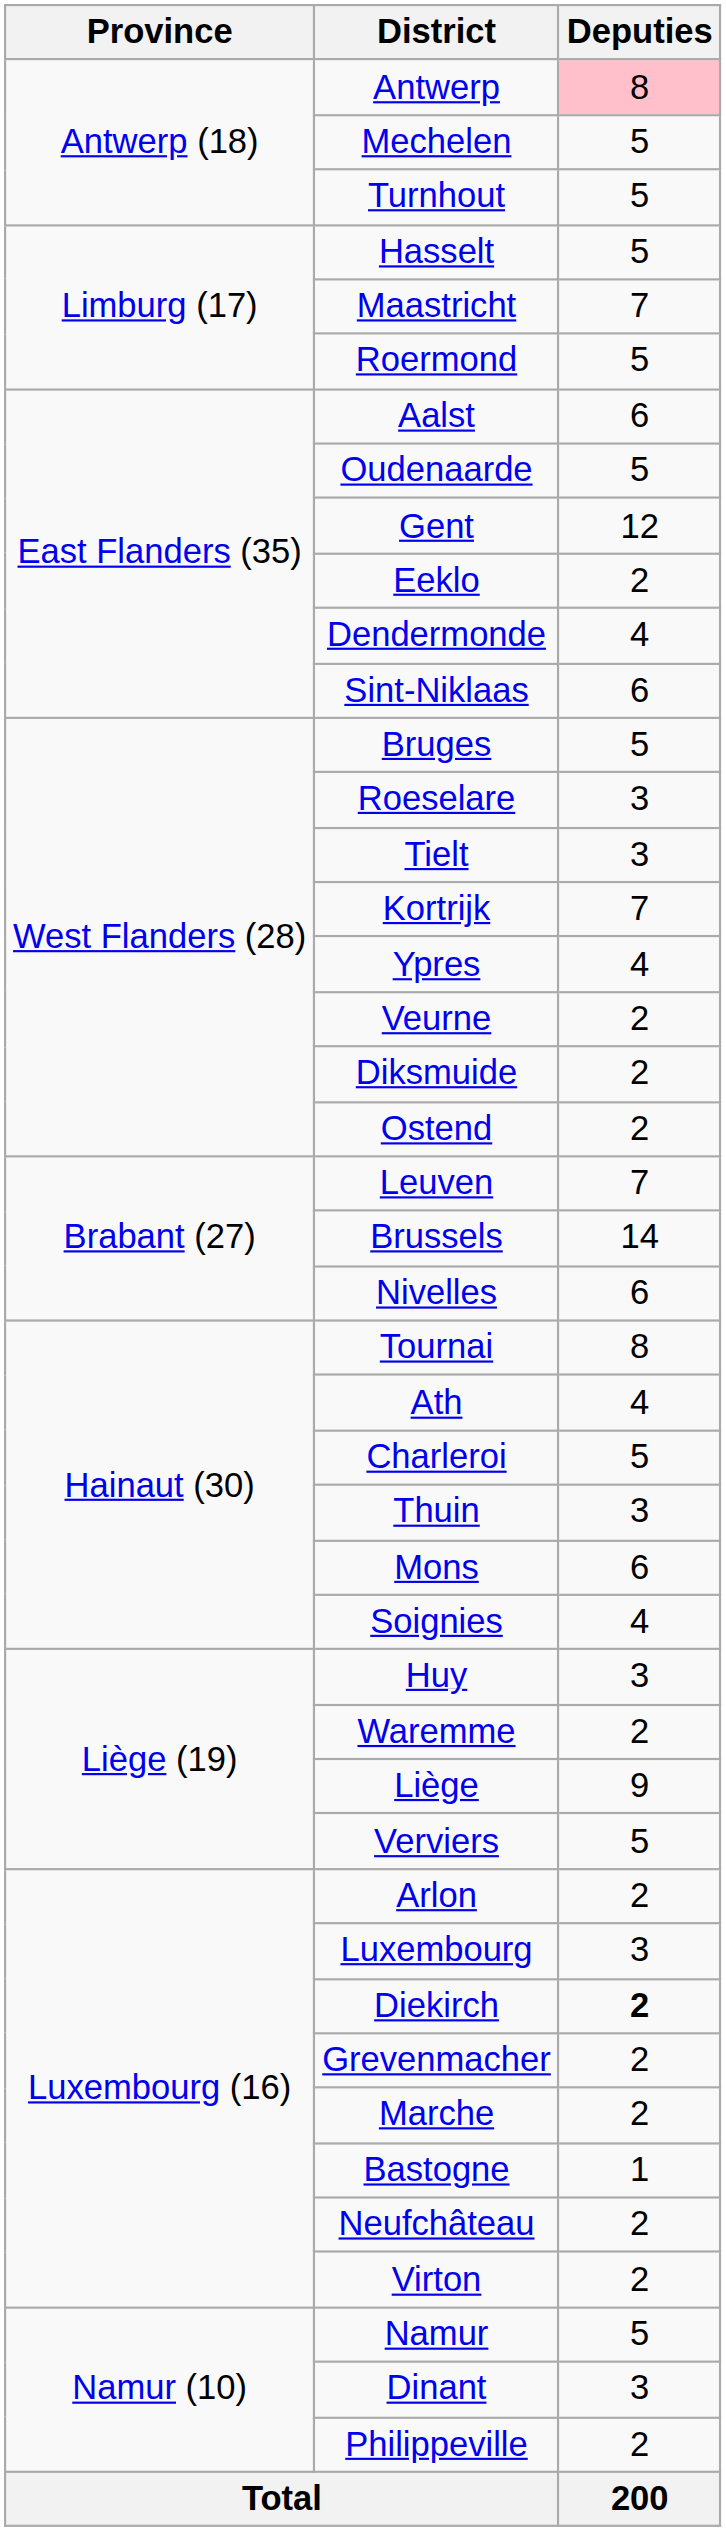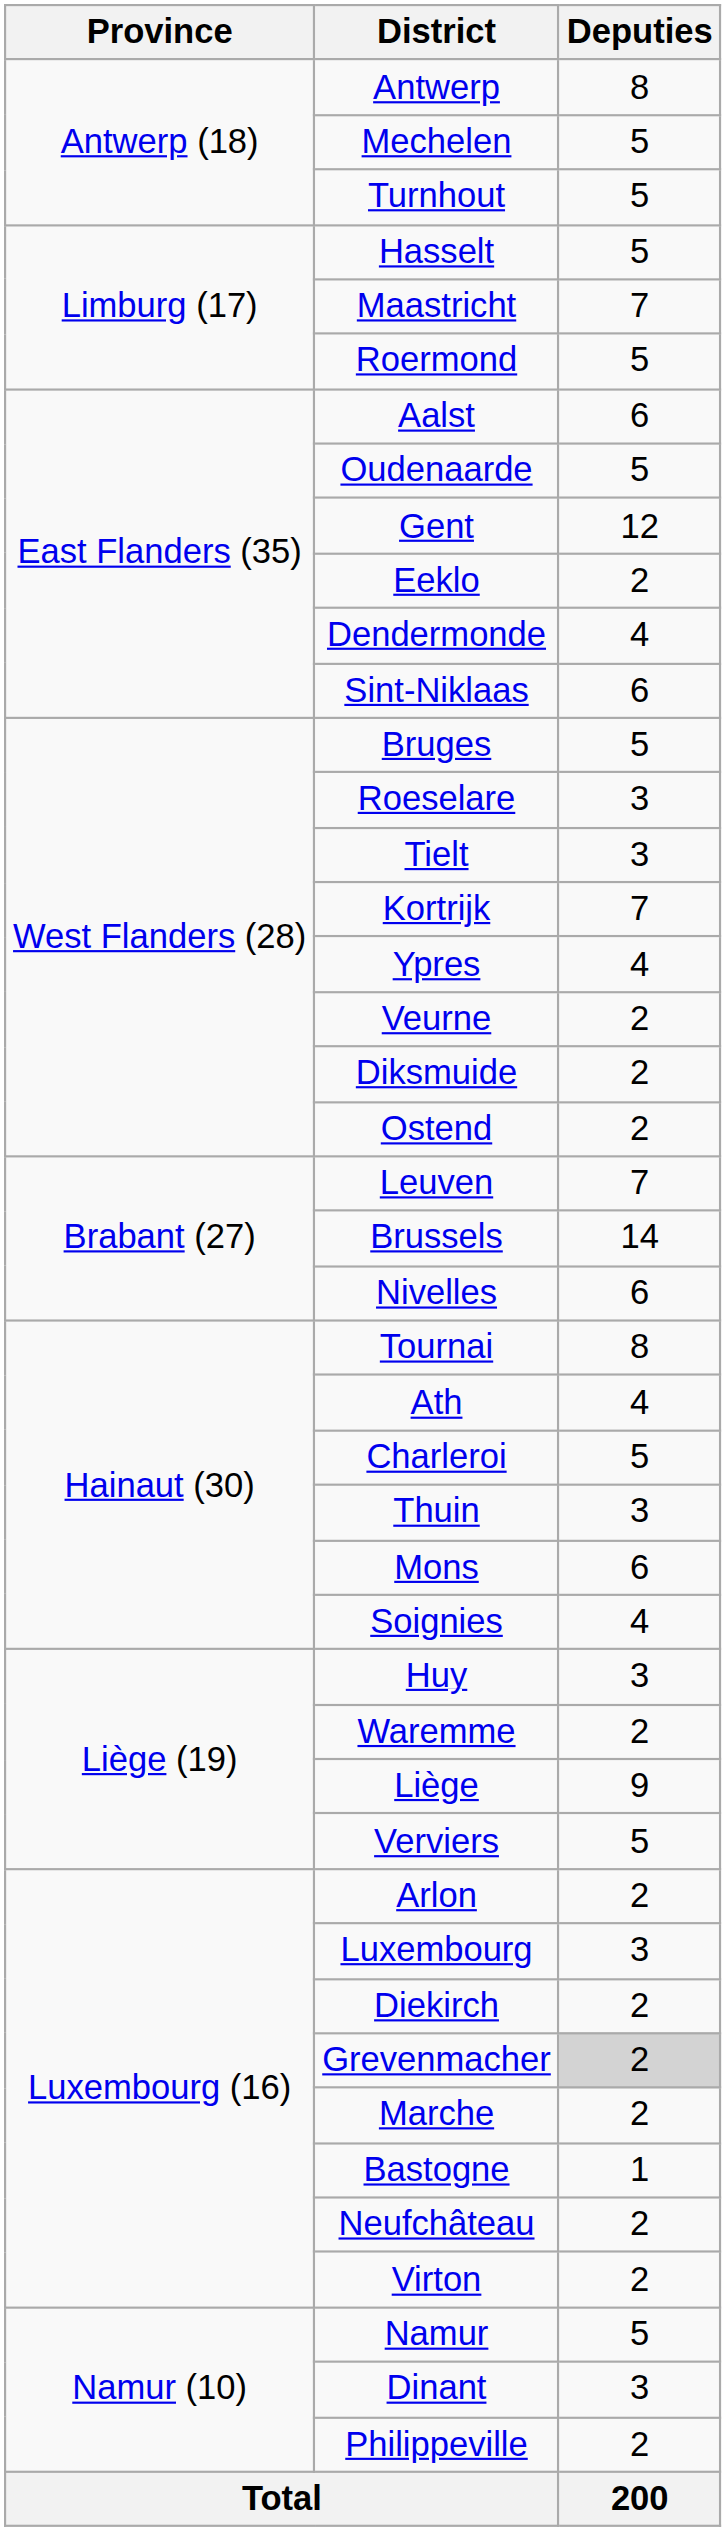 <table class="wikitable" style="text-align:center;">
 <tr>
 <th>Province</th>
 <th>District</th>
 <th>Deputies</th>
 </tr>
 <tr>
 <td rowspan="3"><a href='#'>Antwerp</a> (18)</td>
 <td><a href='#'>Antwerp</a></td>
-<td style="background: pink;">8</td>
+<td>8</td>
 </tr>
 <tr>
 <td><a href='#'>Mechelen</a></td>
 <td>5</td>
 </tr>
 <tr>
 <td><a href='#'>Turnhout</a></td>
 <td>5</td>
 </tr>
 <tr>
 <td rowspan="3"><a href='#'>Limburg</a> (17)</td>
 <td><a href='#'>Hasselt</a></td>
 <td>5</td>
 </tr>
 <tr>
 <td><a href='#'>Maastricht</a></td>
 <td>7</td>
 </tr>
 <tr>
 <td><a href='#'>Roermond</a></td>
 <td>5</td>
 </tr>
 <tr>
 <td rowspan="6"><a href='#'>East Flanders</a> (35)</td>
 <td><a href='#'>Aalst</a></td>
 <td>6</td>
 </tr>
 <tr>
 <td><a href='#'>Oudenaarde</a></td>
 <td>5</td>
 </tr>
 <tr>
 <td><a href='#'>Gent</a></td>
 <td>12</td>
 </tr>
 <tr>
 <td><a href='#'>Eeklo</a></td>
 <td>2</td>
 </tr>
 <tr>
 <td><a href='#'>Dendermonde</a></td>
 <td>4</td>
 </tr>
 <tr>
 <td><a href='#'>Sint-Niklaas</a></td>
 <td>6</td>
 </tr>
 <tr>
 <td rowspan="8"><a href='#'>West Flanders</a> (28)</td>
 <td><a href='#'>Bruges</a></td>
 <td>5</td>
 </tr>
 <tr>
 <td><a href='#'>Roeselare</a></td>
 <td>3</td>
 </tr>
 <tr>
 <td><a href='#'>Tielt</a></td>
 <td>3</td>
 </tr>
 <tr>
 <td><a href='#'>Kortrijk</a></td>
 <td>7</td>
 </tr>
 <tr>
 <td><a href='#'>Ypres</a></td>
 <td>4</td>
 </tr>
 <tr>
 <td><a href='#'>Veurne</a></td>
 <td>2</td>
 </tr>
 <tr>
 <td><a href='#'>Diksmuide</a></td>
 <td>2</td>
 </tr>
 <tr>
 <td><a href='#'>Ostend</a></td>
 <td>2</td>
 </tr>
 <tr>
 <td rowspan="3"><a href='#'>Brabant</a> (27)</td>
 <td><a href='#'>Leuven</a></td>
 <td>7</td>
 </tr>
 <tr>
 <td><a href='#'>Brussels</a></td>
 <td>14</td>
 </tr>
 <tr>
 <td><a href='#'>Nivelles</a></td>
 <td>6</td>
 </tr>
 <tr>
 <td rowspan="6"><a href='#'>Hainaut</a> (30)</td>
 <td><a href='#'>Tournai</a></td>
 <td>8</td>
 </tr>
 <tr>
 <td><a href='#'>Ath</a></td>
 <td>4</td>
 </tr>
 <tr>
 <td><a href='#'>Charleroi</a></td>
 <td>5</td>
 </tr>
 <tr>
 <td><a href='#'>Thuin</a></td>
 <td>3</td>
 </tr>
 <tr>
 <td><a href='#'>Mons</a></td>
 <td>6</td>
 </tr>
 <tr>
 <td><a href='#'>Soignies</a></td>
 <td>4</td>
 </tr>
 <tr>
 <td rowspan="4"><a href='#'>Liège</a> (19)</td>
 <td><a href='#'>Huy</a></td>
 <td>3</td>
 </tr>
 <tr>
 <td><a href='#'>Waremme</a></td>
 <td>2</td>
 </tr>
 <tr>
 <td><a href='#'>Liège</a></td>
 <td>9</td>
 </tr>
 <tr>
 <td><a href='#'>Verviers</a></td>
 <td>5</td>
 </tr>
 <tr>
 <td rowspan="8"><a href='#'>Luxembourg</a> (16)</td>
 <td><a href='#'>Arlon</a></td>
 <td>2</td>
 </tr>
 <tr>
 <td><a href='#'>Luxembourg</a></td>
 <td>3</td>
 </tr>
 <tr>
 <td><a href='#'>Diekirch</a></td>
-<td><strong>2</strong></td>
+<td>2</td>
 </tr>
 <tr>
 <td><a href='#'>Grevenmacher</a></td>
-<td>2</td>
+<td style="background: lightgrey;">2</td>
 </tr>
 <tr>
 <td><a href='#'>Marche</a></td>
 <td>2</td>
 </tr>
 <tr>
 <td><a href='#'>Bastogne</a></td>
 <td>1</td>
 </tr>
 <tr>
 <td><a href='#'>Neufchâteau</a></td>
 <td>2</td>
 </tr>
 <tr>
 <td><a href='#'>Virton</a></td>
 <td>2</td>
 </tr>
 <tr>
 <td rowspan="3"><a href='#'>Namur</a> (10)</td>
 <td><a href='#'>Namur</a></td>
 <td>5</td>
 </tr>
 <tr>
 <td><a href='#'>Dinant</a></td>
 <td>3</td>
 </tr>
 <tr>
 <td><a href='#'>Philippeville</a></td>
 <td>2</td>
 </tr>
 <tr>
 <th colspan=2>Total</th>
 <th>200</th>
 </tr>
 </table>
